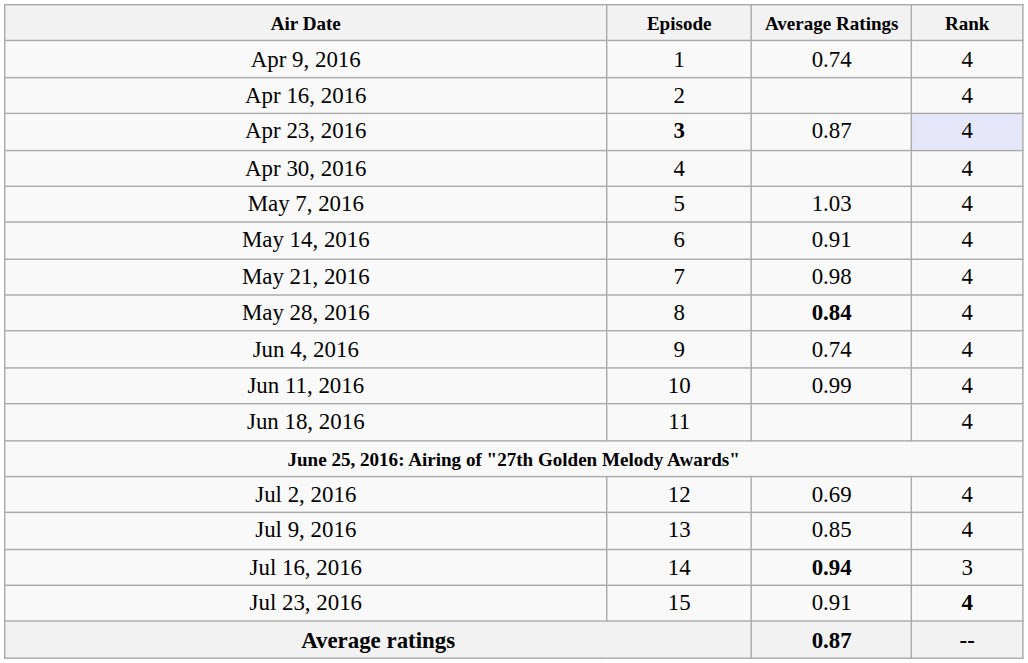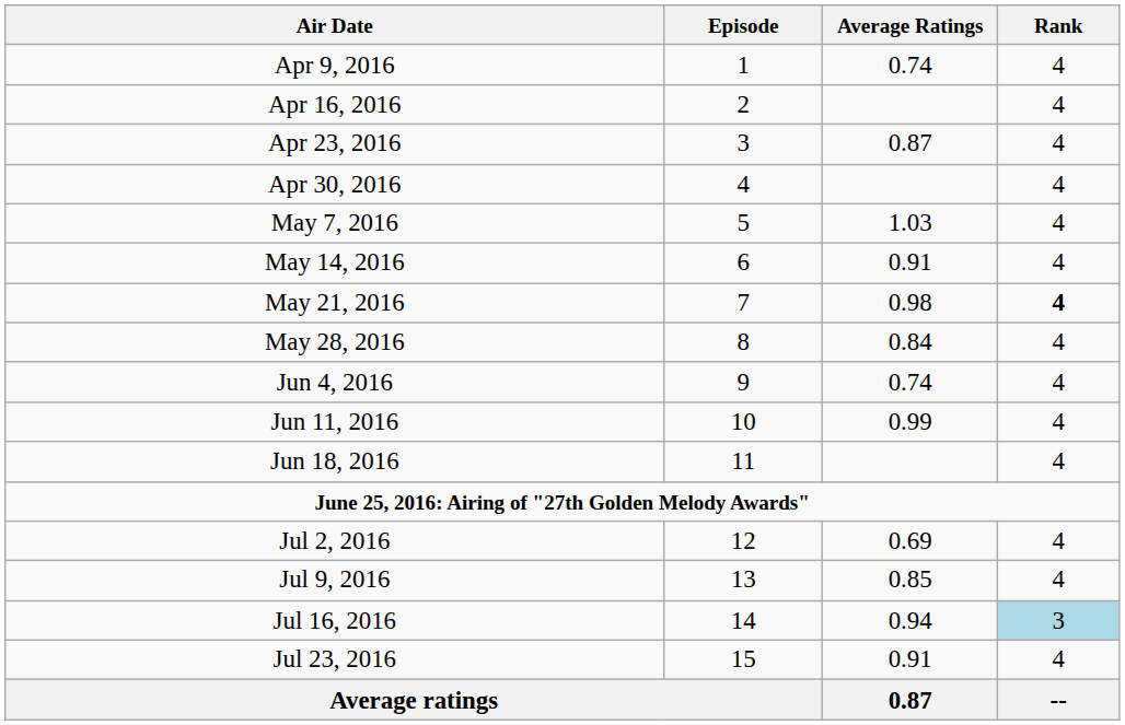 <table class="wikitable" style="text-align:center;width:45%;">
 <tr>
 <th width="25%"><small>Air Date</small></th>
 <th width="5%"><small>Episode</small></th>
 <th width="6%"><small>Average Ratings</small></th>
 <th width="4%"><small>Rank</small></th>
 </tr>
 <tr>
 <td>Apr 9, 2016</td>
 <td>1</td>
 <td>0.74</td>
 <td>4</td>
 </tr>
 <tr>
 <td>Apr 16, 2016</td>
 <td>2</td>
 <td><strong></strong></td>
 <td>4</td>
 </tr>
 <tr>
 <td>Apr 23, 2016</td>
-<td><strong>3</strong></td>
+<td>3</td>
 <td>0.87</td>
-<td style="background: lavender;">4</td>
+<td>4</td>
 </tr>
 <tr>
 <td>Apr 30, 2016</td>
 <td>4</td>
 <td><strong></strong></td>
 <td>4</td>
 </tr>
 <tr>
 <td>May 7, 2016</td>
 <td>5</td>
 <td>1.03</td>
 <td>4</td>
 </tr>
 <tr>
 <td>May 14, 2016</td>
 <td>6</td>
 <td>0.91</td>
 <td>4</td>
 </tr>
 <tr>
 <td>May 21, 2016</td>
 <td>7</td>
 <td>0.98</td>
-<td>4</td>
+<td><strong>4</strong></td>
 </tr>
 <tr>
 <td>May 28, 2016</td>
 <td>8</td>
-<td><strong>0.84</strong></td>
+<td>0.84</td>
 <td>4</td>
 </tr>
 <tr>
 <td>Jun 4, 2016</td>
 <td>9</td>
 <td>0.74</td>
 <td>4</td>
 </tr>
 <tr>
 <td>Jun 11, 2016</td>
 <td>10</td>
 <td>0.99</td>
 <td>4</td>
 </tr>
 <tr>
 <td>Jun 18, 2016</td>
 <td>11</td>
 <td><strong></strong></td>
 <td>4</td>
 </tr>
 <tr>
 <td colspan="4"><strong><small>June 25, 2016: Airing of "27th Golden Melody Awards"</small></strong></td>
 </tr>
 <tr>
 <td>Jul 2, 2016</td>
 <td>12</td>
 <td>0.69</td>
 <td>4</td>
 </tr>
 <tr>
 <td>Jul 9, 2016</td>
 <td>13</td>
 <td>0.85</td>
 <td>4</td>
 </tr>
 <tr>
 <td>Jul 16, 2016</td>
 <td>14</td>
-<td><strong>0.94</strong></td>
-<td>3</td>
+<td>0.94</td>
+<td style="background: lightblue;">3</td>
 </tr>
 <tr>
 <td>Jul 23, 2016</td>
 <td>15</td>
 <td>0.91</td>
-<td><strong>4</strong></td>
+<td>4</td>
 </tr>
 <tr>
 <th colspan="2"><strong>Average ratings</strong></th>
 <th>0.87</th>
 <th>--</th>
 </tr>
 </table>
